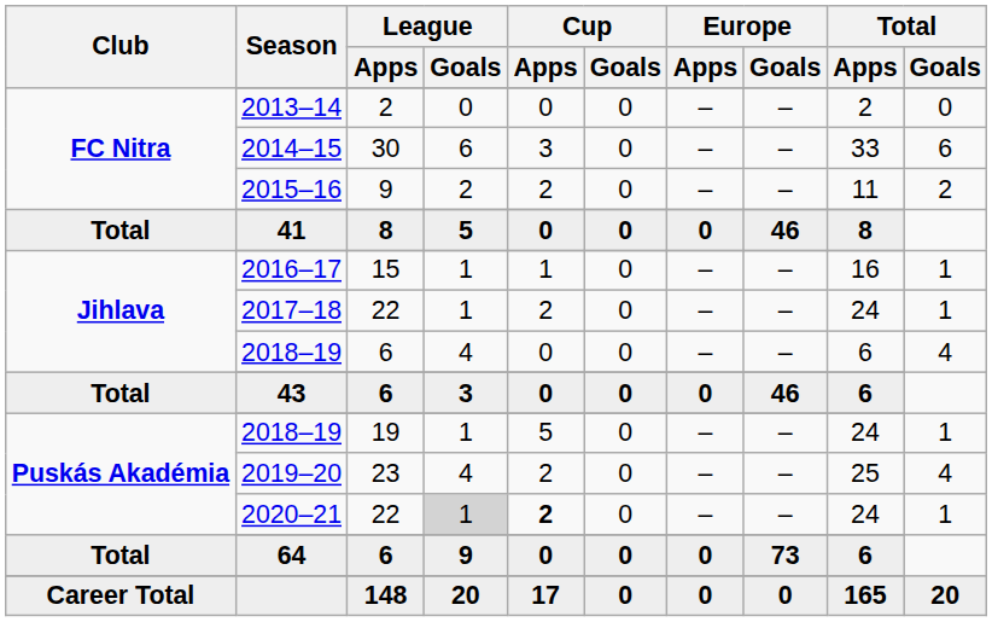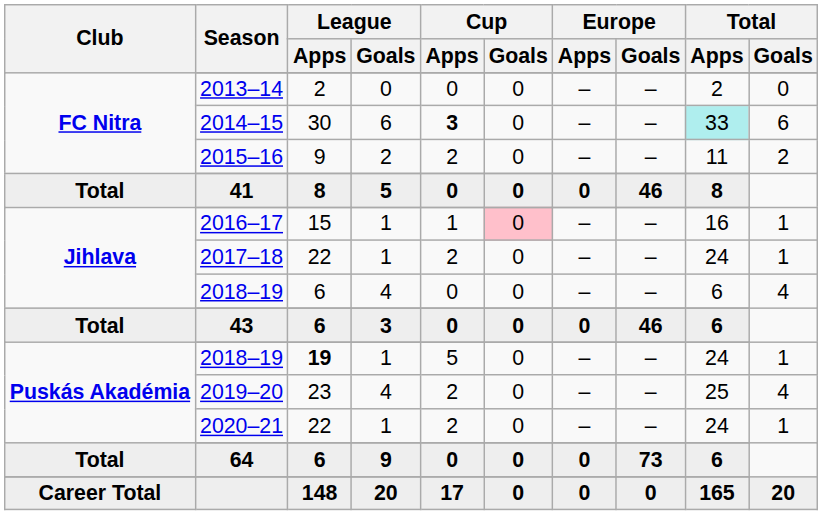 <table class="wikitable" style="font-size:90%; text-align: center;">
 <tr>
 <th rowspan="2">Club</th>
 <th rowspan="2">Season</th>
 <th colspan="2">League</th>
 <th colspan="2">Cup</th>
 <th colspan="2">Europe</th>
 <th colspan="2">Total</th>
 </tr>
 <tr>
 <th>Apps</th>
 <th>Goals</th>
 <th>Apps</th>
 <th>Goals</th>
 <th>Apps</th>
 <th>Goals</th>
 <th>Apps</th>
 <th>Goals</th>
 </tr>
 <tr ||-||-||-|->
 <td rowspan="5" valign="center"><strong><a href='#'>FC Nitra</a></strong></td>
 </tr>
 <tr>
 <td><a href='#'>2013–14</a></td>
 <td>2</td>
 <td>0</td>
 <td>0</td>
 <td>0</td>
 <td>–</td>
 <td>–</td>
 <td>2</td>
 <td>0</td>
 </tr>
 <tr>
 <td><a href='#'>2014–15</a></td>
 <td>30</td>
 <td>6</td>
-<td>3</td>
+<td><strong>3</strong></td>
 <td>0</td>
 <td>–</td>
 <td>–</td>
-<td>33</td>
+<td style="background: paleturquoise;">33</td>
 <td>6</td>
 </tr>
 <tr>
 <td><a href='#'>2015–16</a></td>
 <td>9</td>
 <td>2</td>
 <td>2</td>
 <td>0</td>
 <td>–</td>
 <td>–</td>
 <td>11</td>
 <td>2</td>
 </tr>
 <tr>
 </tr>
 <tr style="font-weight:bold; background-color:#eeeeee;">
 <td>Total</td>
 <td>41</td>
 <td>8</td>
 <td>5</td>
 <td>0</td>
 <td>0</td>
 <td>0</td>
 <td>46</td>
 <td>8</td>
 </tr>
 <tr>
 <td rowspan="5" valign="center"><strong><a href='#'>Jihlava</a></strong></td>
 </tr>
 <tr>
 <td><a href='#'>2016–17</a></td>
 <td>15</td>
 <td>1</td>
 <td>1</td>
-<td>0</td>
+<td style="background: pink;">0</td>
 <td>–</td>
 <td>–</td>
 <td>16</td>
 <td>1</td>
 </tr>
 <tr>
 <td><a href='#'>2017–18</a></td>
 <td>22</td>
 <td>1</td>
 <td>2</td>
 <td>0</td>
 <td>–</td>
 <td>–</td>
 <td>24</td>
 <td>1</td>
 </tr>
 <tr>
 <td><a href='#'>2018–19</a></td>
 <td>6</td>
 <td>4</td>
 <td>0</td>
 <td>0</td>
 <td>–</td>
 <td>–</td>
 <td>6</td>
 <td>4</td>
 </tr>
 <tr>
 </tr>
 <tr style="font-weight:bold; background-color:#eeeeee;">
 <td>Total</td>
 <td>43</td>
 <td>6</td>
 <td>3</td>
 <td>0</td>
 <td>0</td>
 <td>0</td>
 <td>46</td>
 <td>6</td>
 </tr>
 <tr>
 <td rowspan="5" valign="center"><strong><a href='#'>Puskás Akadémia</a></strong></td>
 </tr>
 <tr>
 <td><a href='#'>2018–19</a></td>
-<td>19</td>
+<td><strong>19</strong></td>
 <td>1</td>
 <td>5</td>
 <td>0</td>
 <td>–</td>
 <td>–</td>
 <td>24</td>
 <td>1</td>
 </tr>
 <tr>
 <td><a href='#'>2019–20</a></td>
 <td>23</td>
 <td>4</td>
 <td>2</td>
 <td>0</td>
 <td>–</td>
 <td>–</td>
 <td>25</td>
 <td>4</td>
 </tr>
 <tr>
 <td><a href='#'>2020–21</a></td>
 <td>22</td>
-<td style="background: lightgrey;">1</td>
-<td><strong>2</strong></td>
+<td>1</td>
+<td>2</td>
 <td>0</td>
 <td>–</td>
 <td>–</td>
 <td>24</td>
 <td>1</td>
 </tr>
 <tr>
 </tr>
 <tr style="font-weight:bold; background-color:#eeeeee;">
 <td>Total</td>
 <td>64</td>
 <td>6</td>
 <td>9</td>
 <td>0</td>
 <td>0</td>
 <td>0</td>
 <td>73</td>
 <td>6</td>
 </tr>
 <tr>
 </tr>
 <tr style="font-weight:bold; background-color:#eeeeee;">
 <td rowspan="2" valign="top"><strong>Career Total</strong></td>
 <td></td>
 <td><strong>148</strong></td>
 <td><strong>20</strong></td>
 <td><strong>17</strong></td>
 <td><strong>0</strong></td>
 <td><strong>0</strong></td>
 <td><strong>0</strong></td>
 <td><strong>165</strong></td>
 <td><strong>20</strong></td>
 </tr>
 </table>
